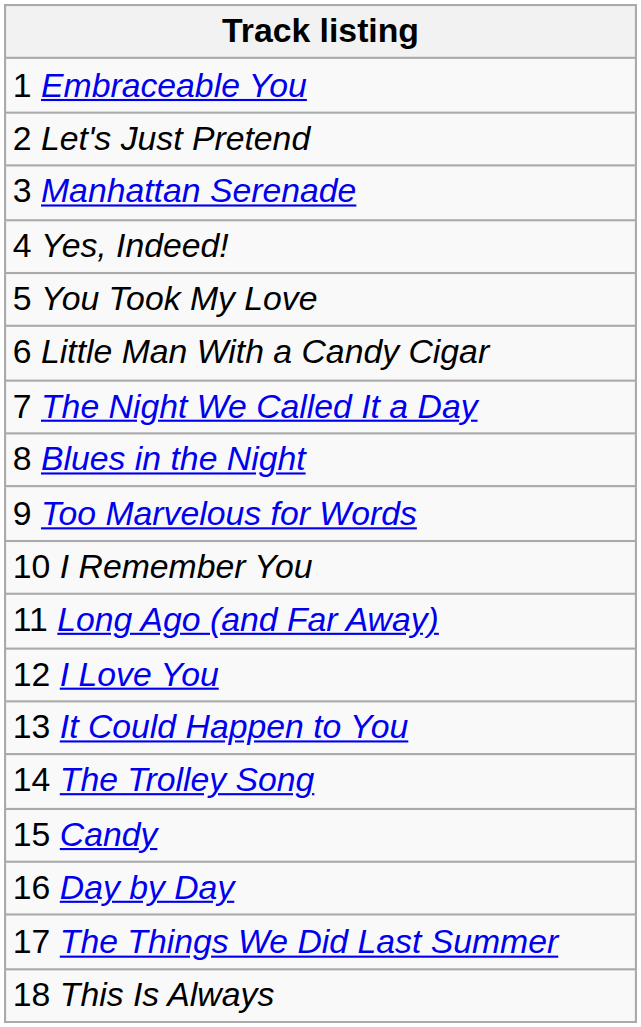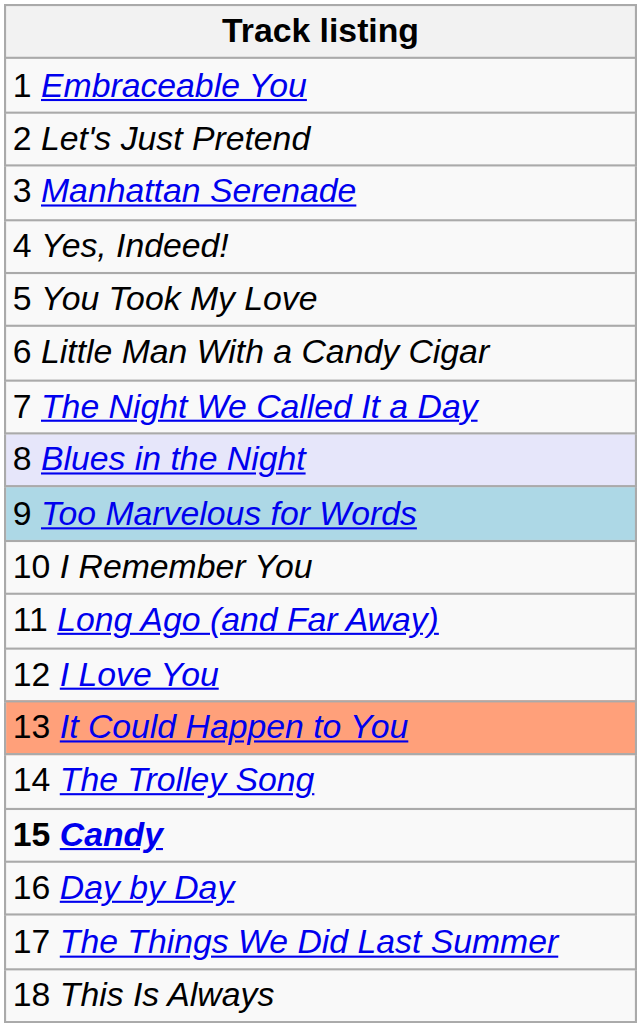 <table class="wikitable collapsible collapsed" style="width:300px;">
 <tr>
 <th>Track listing</th>
 </tr>
 <tr>
 <td>1 <em><a href='#'>Embraceable You</a></em></td>
 </tr>
 <tr>
 <td>2 <em>Let's Just Pretend</em></td>
 </tr>
 <tr>
 <td>3 <em><a href='#'>Manhattan Serenade</a></em></td>
 </tr>
 <tr>
 <td>4 <em>Yes, Indeed!</em></td>
 </tr>
 <tr>
 <td>5 <em>You Took My Love</em></td>
 </tr>
 <tr>
 <td>6 <em>Little Man With a Candy Cigar</em></td>
 </tr>
 <tr>
 <td>7 <em><a href='#'>The Night We Called It a Day</a></em></td>
 </tr>
 <tr>
-<td>8 <em><a href='#'>Blues in the Night</a></em></td>
+<td style="background: lavender;">8 <em><a href='#'>Blues in the Night</a></em></td>
 </tr>
 <tr>
-<td>9 <em><a href='#'>Too Marvelous for Words</a></em></td>
+<td style="background: lightblue;">9 <em><a href='#'>Too Marvelous for Words</a></em></td>
 </tr>
 <tr>
 <td>10 <em>I Remember You</em></td>
 </tr>
 <tr>
 <td>11 <em><a href='#'>Long Ago (and Far Away)</a></em></td>
 </tr>
 <tr>
 <td>12 <em><a href='#'>I Love You</a></em></td>
 </tr>
 <tr>
-<td>13 <em><a href='#'>It Could Happen to You</a></em></td>
+<td style="background: lightsalmon;">13 <em><a href='#'>It Could Happen to You</a></em></td>
 </tr>
 <tr>
 <td>14 <em><a href='#'>The Trolley Song</a></em></td>
 </tr>
 <tr>
-<td>15 <em><a href='#'>Candy</a></em></td>
+<td><strong>15 <em><a href='#'>Candy</a></em></strong></td>
 </tr>
 <tr>
 <td>16 <em><a href='#'>Day by Day</a></em></td>
 </tr>
 <tr>
 <td>17 <em><a href='#'>The Things We Did Last Summer</a></em></td>
 </tr>
 <tr>
 <td>18 <em>This Is Always</em></td>
 </tr>
 </table>
